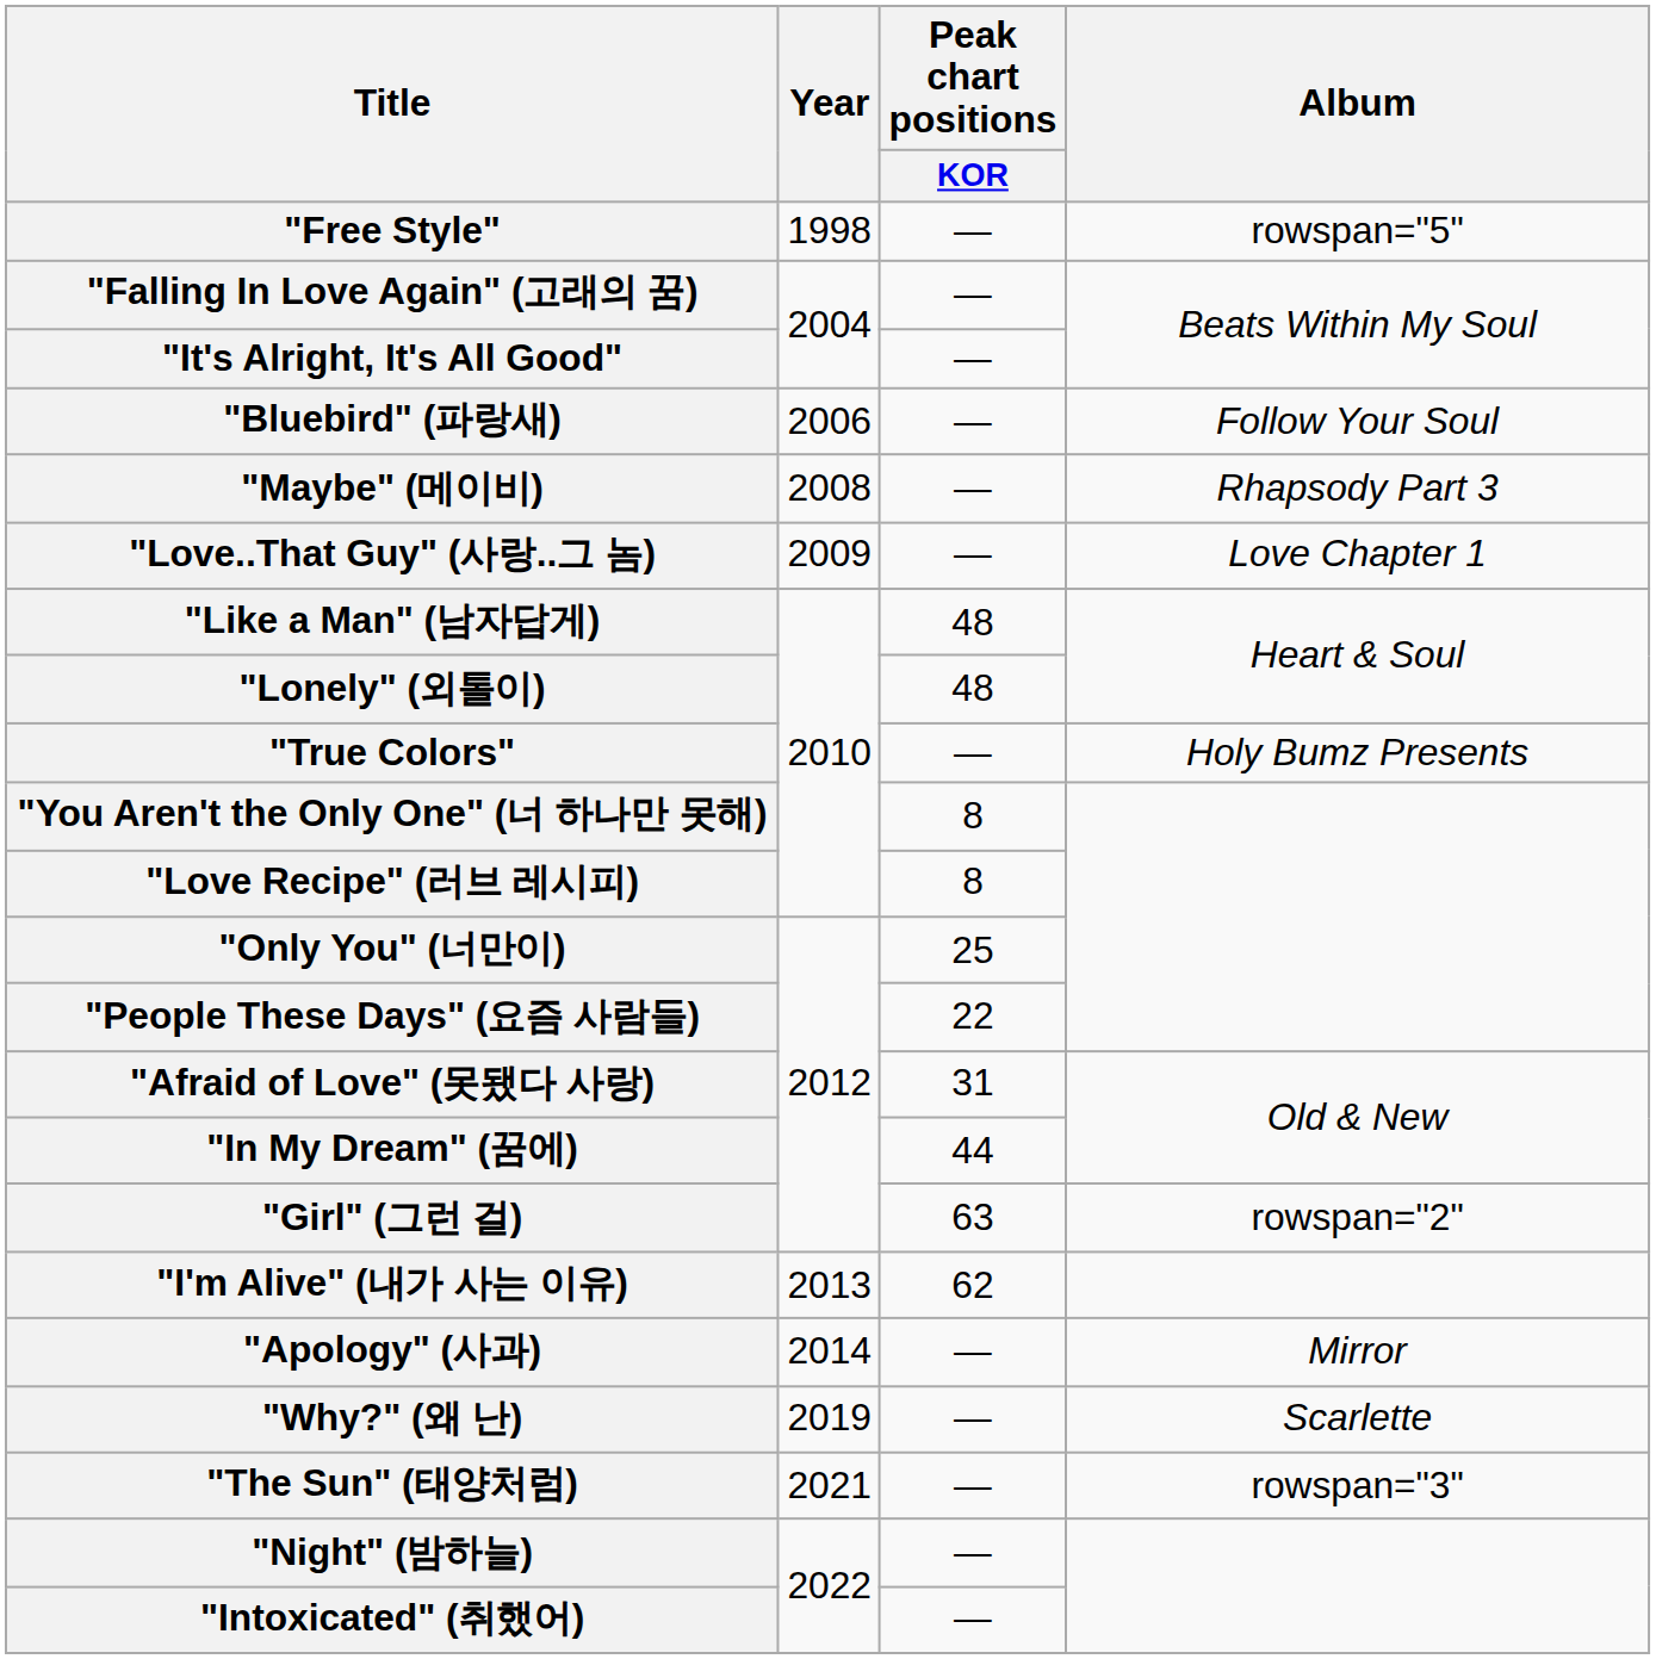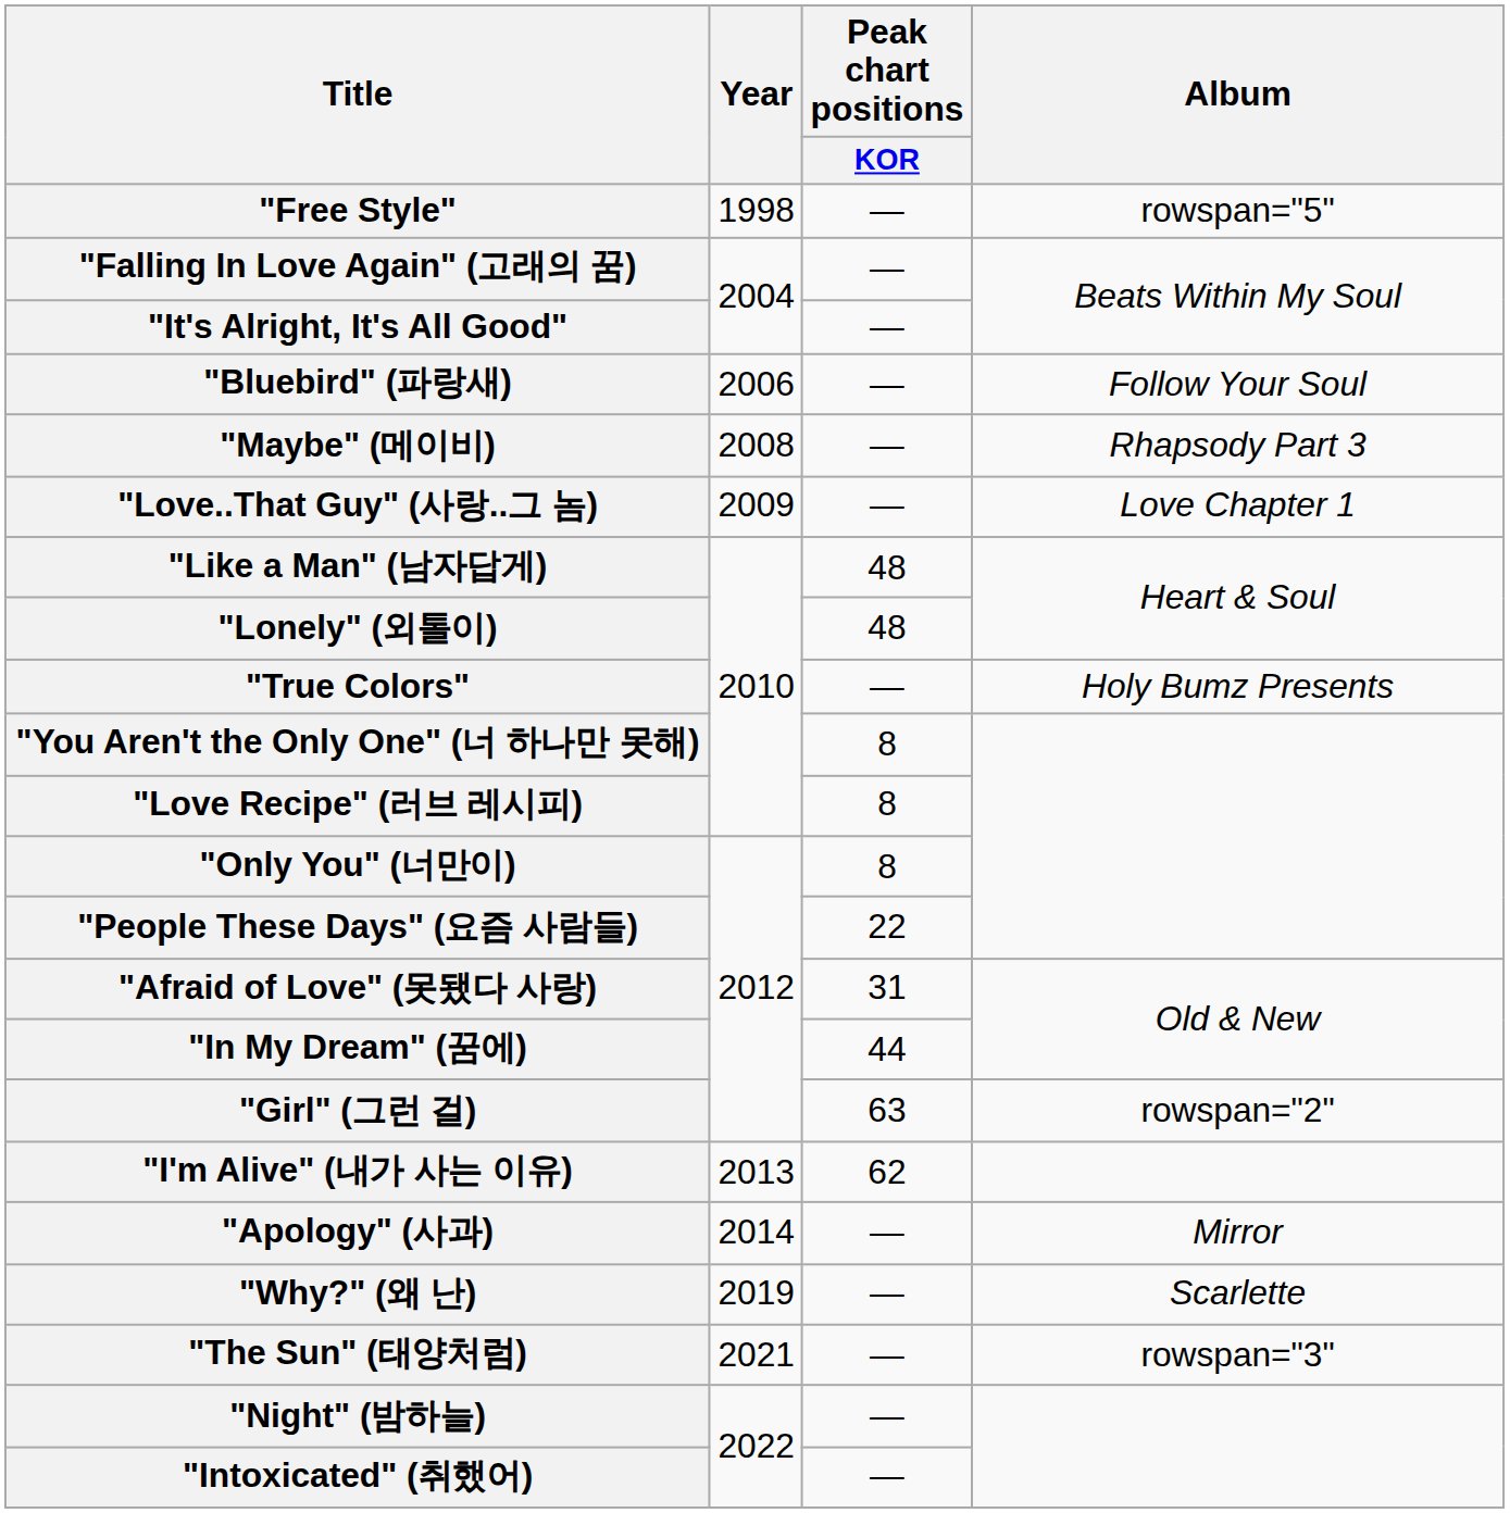 <table class="wikitable plainrowheaders" style="text-align:center;">
 <tr>
 <th rowspan="2" scope="col" style="width:20em;">Title</th>
 <th rowspan="2" scope="col">Year</th>
 <th scope="col">Peak chart positions</th>
 <th rowspan="2" scope="col" style="width:15em;">Album</th>
 </tr>
 <tr>
 <th scope="col" style="width:2.5em;font-size:85%;"><a href='#'>KOR</a><br></th>
 </tr>
 <tr>
 <th scope="row">"Free Style"</th>
 <td>1998</td>
 <td>—</td>
 <td>rowspan="5" </td>
 </tr>
 <tr>
 <th scope="row">"Falling In Love Again" (고래의 꿈) </th>
 <td rowspan="2">2004</td>
 <td>—</td>
 <td rowspan="2"><em>Beats Within My Soul</em></td>
 </tr>
 <tr>
 <th scope="row">"It's Alright, It's All Good" </th>
 <td>—</td>
 </tr>
 <tr>
 <th scope="row">"Bluebird" (파랑새) </th>
 <td>2006</td>
 <td>—</td>
 <td><em>Follow Your Soul</em></td>
 </tr>
 <tr>
 <th scope="row">"Maybe" (메이비)</th>
 <td>2008</td>
 <td>—</td>
 <td><em>Rhapsody Part 3</em></td>
 </tr>
 <tr>
 <th scope="row">"Love..That Guy" (사랑..그 놈)</th>
 <td>2009</td>
 <td>—</td>
 <td><em>Love Chapter 1</em></td>
 </tr>
 <tr>
 <th scope="row">"Like a Man" (남자답게)</th>
 <td rowspan="5">2010</td>
 <td>48</td>
 <td rowspan="2"><em>Heart & Soul</em></td>
 </tr>
 <tr>
 <th scope="row">"Lonely" (외톨이)</th>
 <td>48</td>
 </tr>
 <tr>
 <th scope="row">"True Colors" </th>
 <td>—</td>
 <td><em>Holy Bumz Presents</em></td>
 </tr>
 <tr>
 <th scope="row">"You Aren't the Only One" (너 하나만 못해) </th>
 <td>8</td>
 </tr>
 <tr>
 <th scope="row">"Love Recipe" (러브 레시피) </th>
 <td>8</td>
 </tr>
 <tr>
 <th scope="row">"Only You" (너만이)</th>
 <td rowspan="5">2012</td>
-<td>25</td>
+<td>8</td>
 </tr>
 <tr>
 <th scope="row">"People These Days" (요즘 사람들) </th>
 <td>22</td>
 </tr>
 <tr>
 <th scope="row">"Afraid of Love" (못됐다 사랑)</th>
 <td>31</td>
 <td rowspan="2"><em>Old & New</em></td>
 </tr>
 <tr>
 <th scope="row">"In My Dream" (꿈에)</th>
 <td>44</td>
 </tr>
 <tr>
 <th scope="row">"Girl" (그런 걸) </th>
 <td>63</td>
 <td>rowspan="2" </td>
 </tr>
 <tr>
 <th scope="row">"I'm Alive" (내가 사는 이유) </th>
 <td>2013</td>
 <td>62</td>
 </tr>
 <tr>
 <th scope="row">"Apology" (사과) </th>
 <td>2014</td>
 <td>—</td>
 <td><em>Mirror</em></td>
 </tr>
 <tr>
 <th scope="row">"Why?" (왜 난)</th>
 <td>2019</td>
 <td>—</td>
 <td><em>Scarlette</em></td>
 </tr>
 <tr>
 <th scope="row">"The Sun" (태양처럼)</th>
 <td>2021</td>
 <td>—</td>
 <td>rowspan="3" </td>
 </tr>
 <tr>
 <th scope="row">"Night" (밤하늘)</th>
 <td rowspan="2">2022</td>
 <td>—</td>
 </tr>
 <tr>
 <th scope="row">"Intoxicated" (취했어)</th>
 <td>—</td>
 </tr>
 <tr>
 </tr>
 </table>
